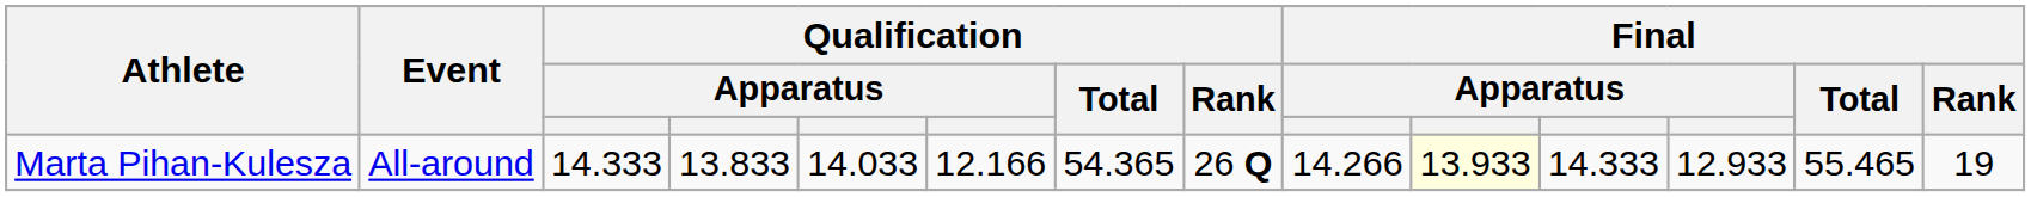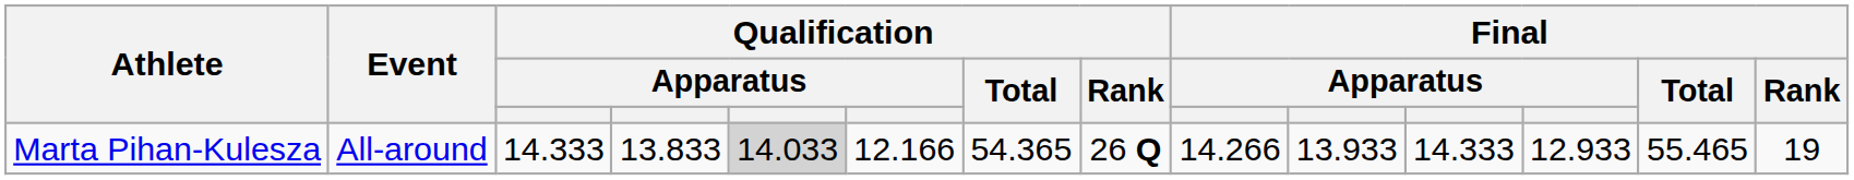 <table class="wikitable" style="font-size:90%">
 <tr>
 <th rowspan=3>Athlete</th>
 <th rowspan=3>Event</th>
 <th colspan=6>Qualification</th>
 <th colspan=6>Final</th>
 </tr>
 <tr style="font-size:95%">
 <th colspan=4>Apparatus</th>
 <th rowspan=2>Total</th>
 <th rowspan=2>Rank</th>
 <th colspan=4>Apparatus</th>
 <th rowspan=2>Total</th>
 <th rowspan=2>Rank</th>
 </tr>
 <tr style="font-size:95%">
 <th></th>
 <th></th>
 <th></th>
 <th></th>
 <th></th>
 <th></th>
 <th></th>
 <th></th>
 </tr>
 <tr align=center>
 <td align=left><a href='#'>Marta Pihan-Kulesza</a></td>
 <td align=left><a href='#'>All-around</a></td>
 <td>14.333</td>
 <td>13.833</td>
-<td>14.033</td>
+<td style="background: lightgrey;">14.033</td>
 <td>12.166</td>
 <td>54.365</td>
 <td>26 <strong>Q</strong></td>
 <td>14.266</td>
-<td style="background: lightyellow;">13.933</td>
+<td>13.933</td>
 <td>14.333</td>
 <td>12.933</td>
 <td>55.465</td>
 <td>19</td>
 </tr>
 </table>
